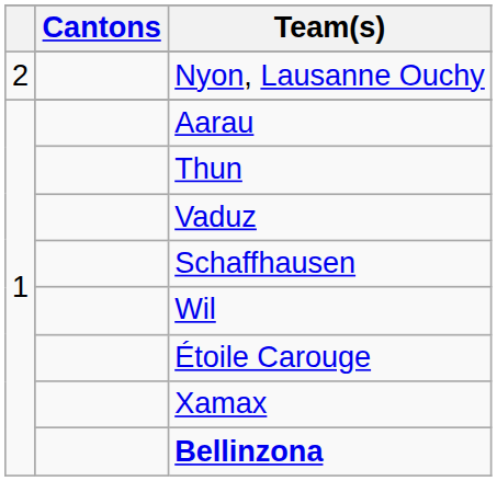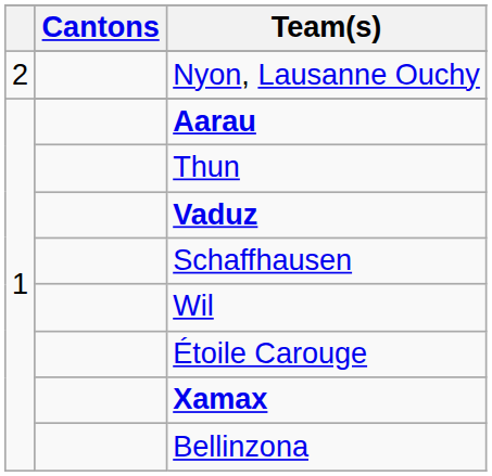 <table class="wikitable" style>
 <tr>
 </tr>
 <tr>
 <th></th>
 <th><a href='#'>Cantons</a></th>
 <th>Team(s)</th>
 </tr>
 <tr>
 <td align=center rowspan=2>2</td>
 </tr>
 <tr>
 <td align="left"></td>
 <td><a href='#'>Nyon</a>, <a href='#'>Lausanne Ouchy</a></td>
 </tr>
 <tr>
 <td align=center rowspan=9>1</td>
 </tr>
 <tr>
 <td align"left"></td>
-<td><a href='#'>Aarau</a></td>
+<td><strong><a href='#'>Aarau</a></strong></td>
 </tr>
 <tr>
 <td align"left"></td>
 <td><a href='#'>Thun</a></td>
 </tr>
 <tr>
 <td align"left"></td>
-<td><a href='#'>Vaduz</a></td>
+<td><strong><a href='#'>Vaduz</a></strong></td>
 </tr>
 <tr>
 <td align"left"></td>
 <td><a href='#'>Schaffhausen</a></td>
 </tr>
 <tr>
 <td align"left"></td>
 <td><a href='#'>Wil</a></td>
 </tr>
 <tr>
 <td align"left"></td>
 <td><a href='#'>Étoile Carouge</a></td>
 </tr>
 <tr>
 <td align"left"></td>
-<td><a href='#'>Xamax</a></td>
+<td><strong><a href='#'>Xamax</a></strong></td>
 </tr>
 <tr>
 <td align"left"></td>
-<td><strong><a href='#'>Bellinzona</a></strong></td>
+<td><a href='#'>Bellinzona</a></td>
 </tr>
 </table>
